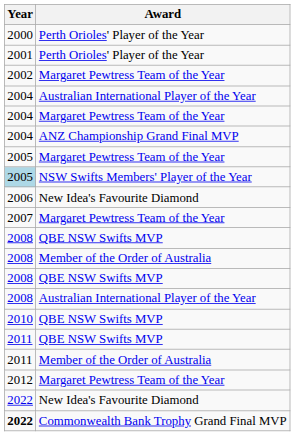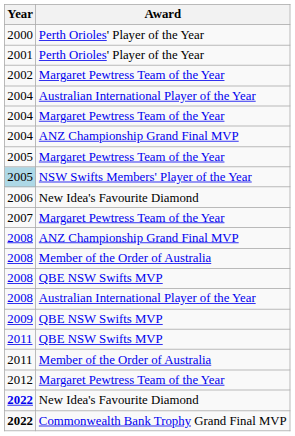 <table class="wikitable collapsible">
 <tr>
 <th>Year</th>
 <th>Award</th>
 </tr>
 <tr>
 <td>2000</td>
 <td><a href='#'>Perth Orioles</a>' Player of the Year</td>
 </tr>
 <tr>
 <td>2001</td>
 <td><a href='#'>Perth Orioles</a>' Player of the Year</td>
 </tr>
 <tr>
 <td>2002</td>
 <td><a href='#'>Margaret Pewtress Team of the Year</a></td>
 </tr>
 <tr>
 <td>2004</td>
 <td><a href='#'>Australian International Player of the Year</a></td>
 </tr>
 <tr>
 <td>2004</td>
 <td><a href='#'>Margaret Pewtress Team of the Year</a></td>
 </tr>
 <tr>
 <td>2004</td>
 <td><a href='#'>ANZ Championship Grand Final MVP</a></td>
 </tr>
 <tr>
 <td>2005</td>
 <td><a href='#'>Margaret Pewtress Team of the Year</a></td>
 </tr>
 <tr>
 <td style="background: lightblue;">2005</td>
 <td><a href='#'>NSW Swifts Members' Player of the Year</a></td>
 </tr>
 <tr>
 <td>2006</td>
 <td>New Idea's Favourite Diamond</td>
 </tr>
 <tr>
 <td>2007</td>
 <td><a href='#'>Margaret Pewtress Team of the Year</a></td>
 </tr>
 <tr>
 <td><a href='#'>2008</a></td>
-<td><a href='#'>QBE NSW Swifts MVP</a></td>
+<td><a href='#'>ANZ Championship Grand Final MVP</a></td>
 </tr>
 <tr>
 <td><a href='#'>2008</a></td>
 <td><a href='#'>Member of the Order of Australia</a></td>
 </tr>
 <tr>
 <td><a href='#'>2008</a></td>
 <td><a href='#'>QBE NSW Swifts MVP</a></td>
 </tr>
 <tr>
 <td><a href='#'>2008</a></td>
 <td><a href='#'>Australian International Player of the Year</a></td>
 </tr>
 <tr>
-<td><a href='#'>2010</a></td>
+<td><a href='#'>2009</a></td>
 <td><a href='#'>QBE NSW Swifts MVP</a></td>
 </tr>
 <tr>
 <td><a href='#'>2011</a></td>
 <td><a href='#'>QBE NSW Swifts MVP</a></td>
 </tr>
 <tr>
 <td>2011</td>
 <td><a href='#'>Member of the Order of Australia</a></td>
 </tr>
 <tr>
 <td>2012</td>
 <td><a href='#'>Margaret Pewtress Team of the Year</a></td>
 </tr>
 <tr>
-<td><a href='#'>2022</a></td>
+<td><strong><a href='#'>2022</a></strong></td>
 <td>New Idea's Favourite Diamond</td>
 </tr>
 <tr>
 <td><strong>2022</strong></td>
 <td><a href='#'>Commonwealth Bank Trophy</a> Grand Final MVP</td>
 </tr>
 </table>
